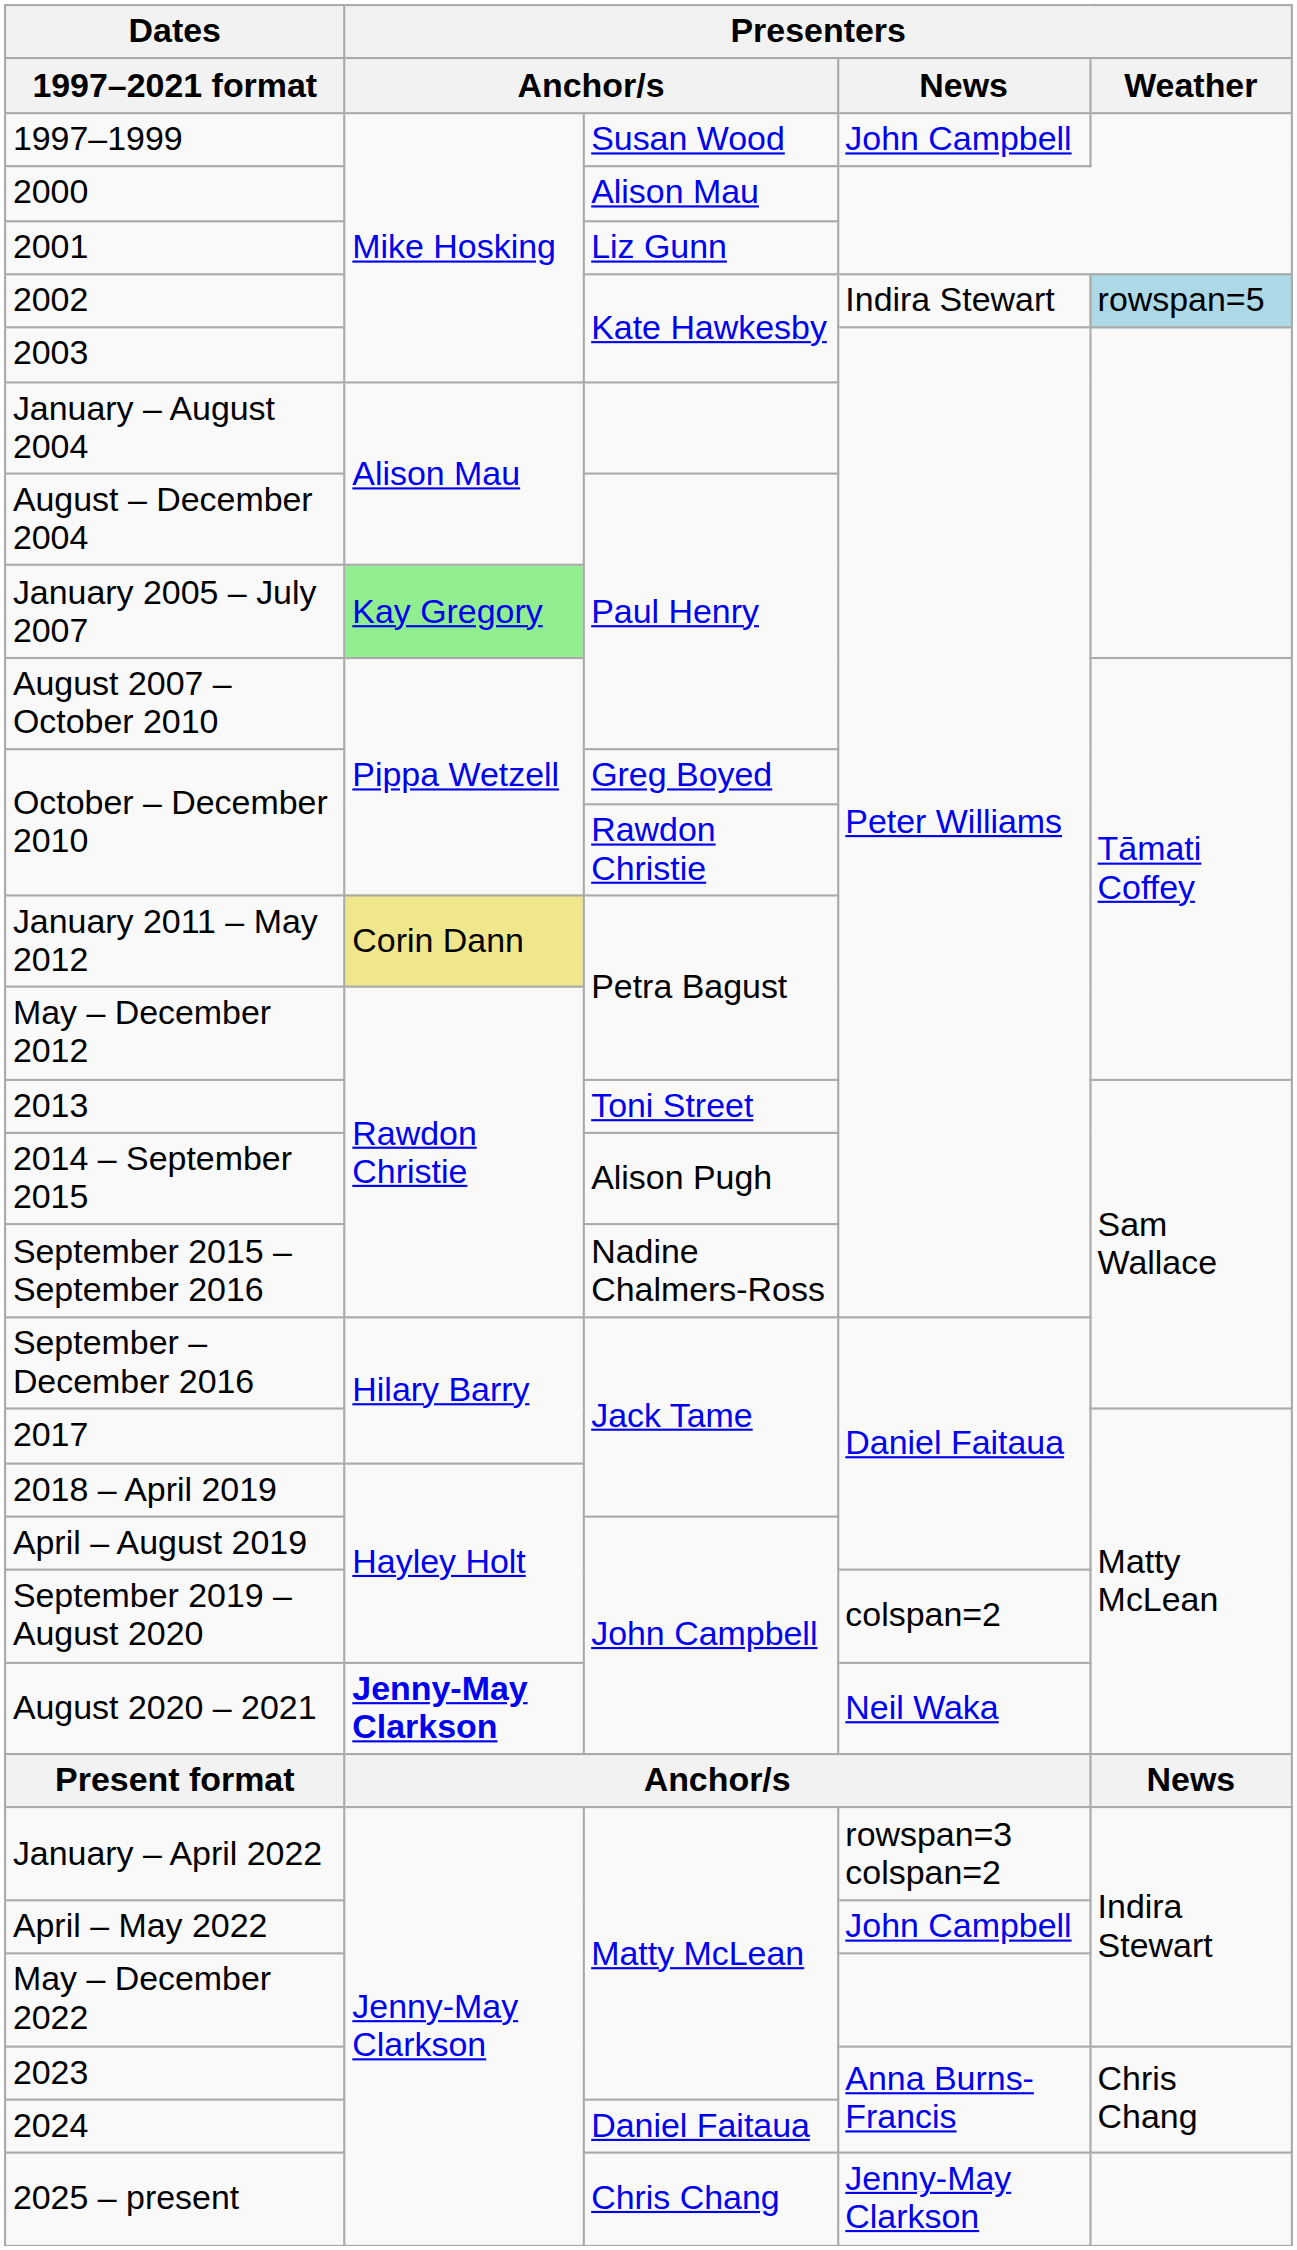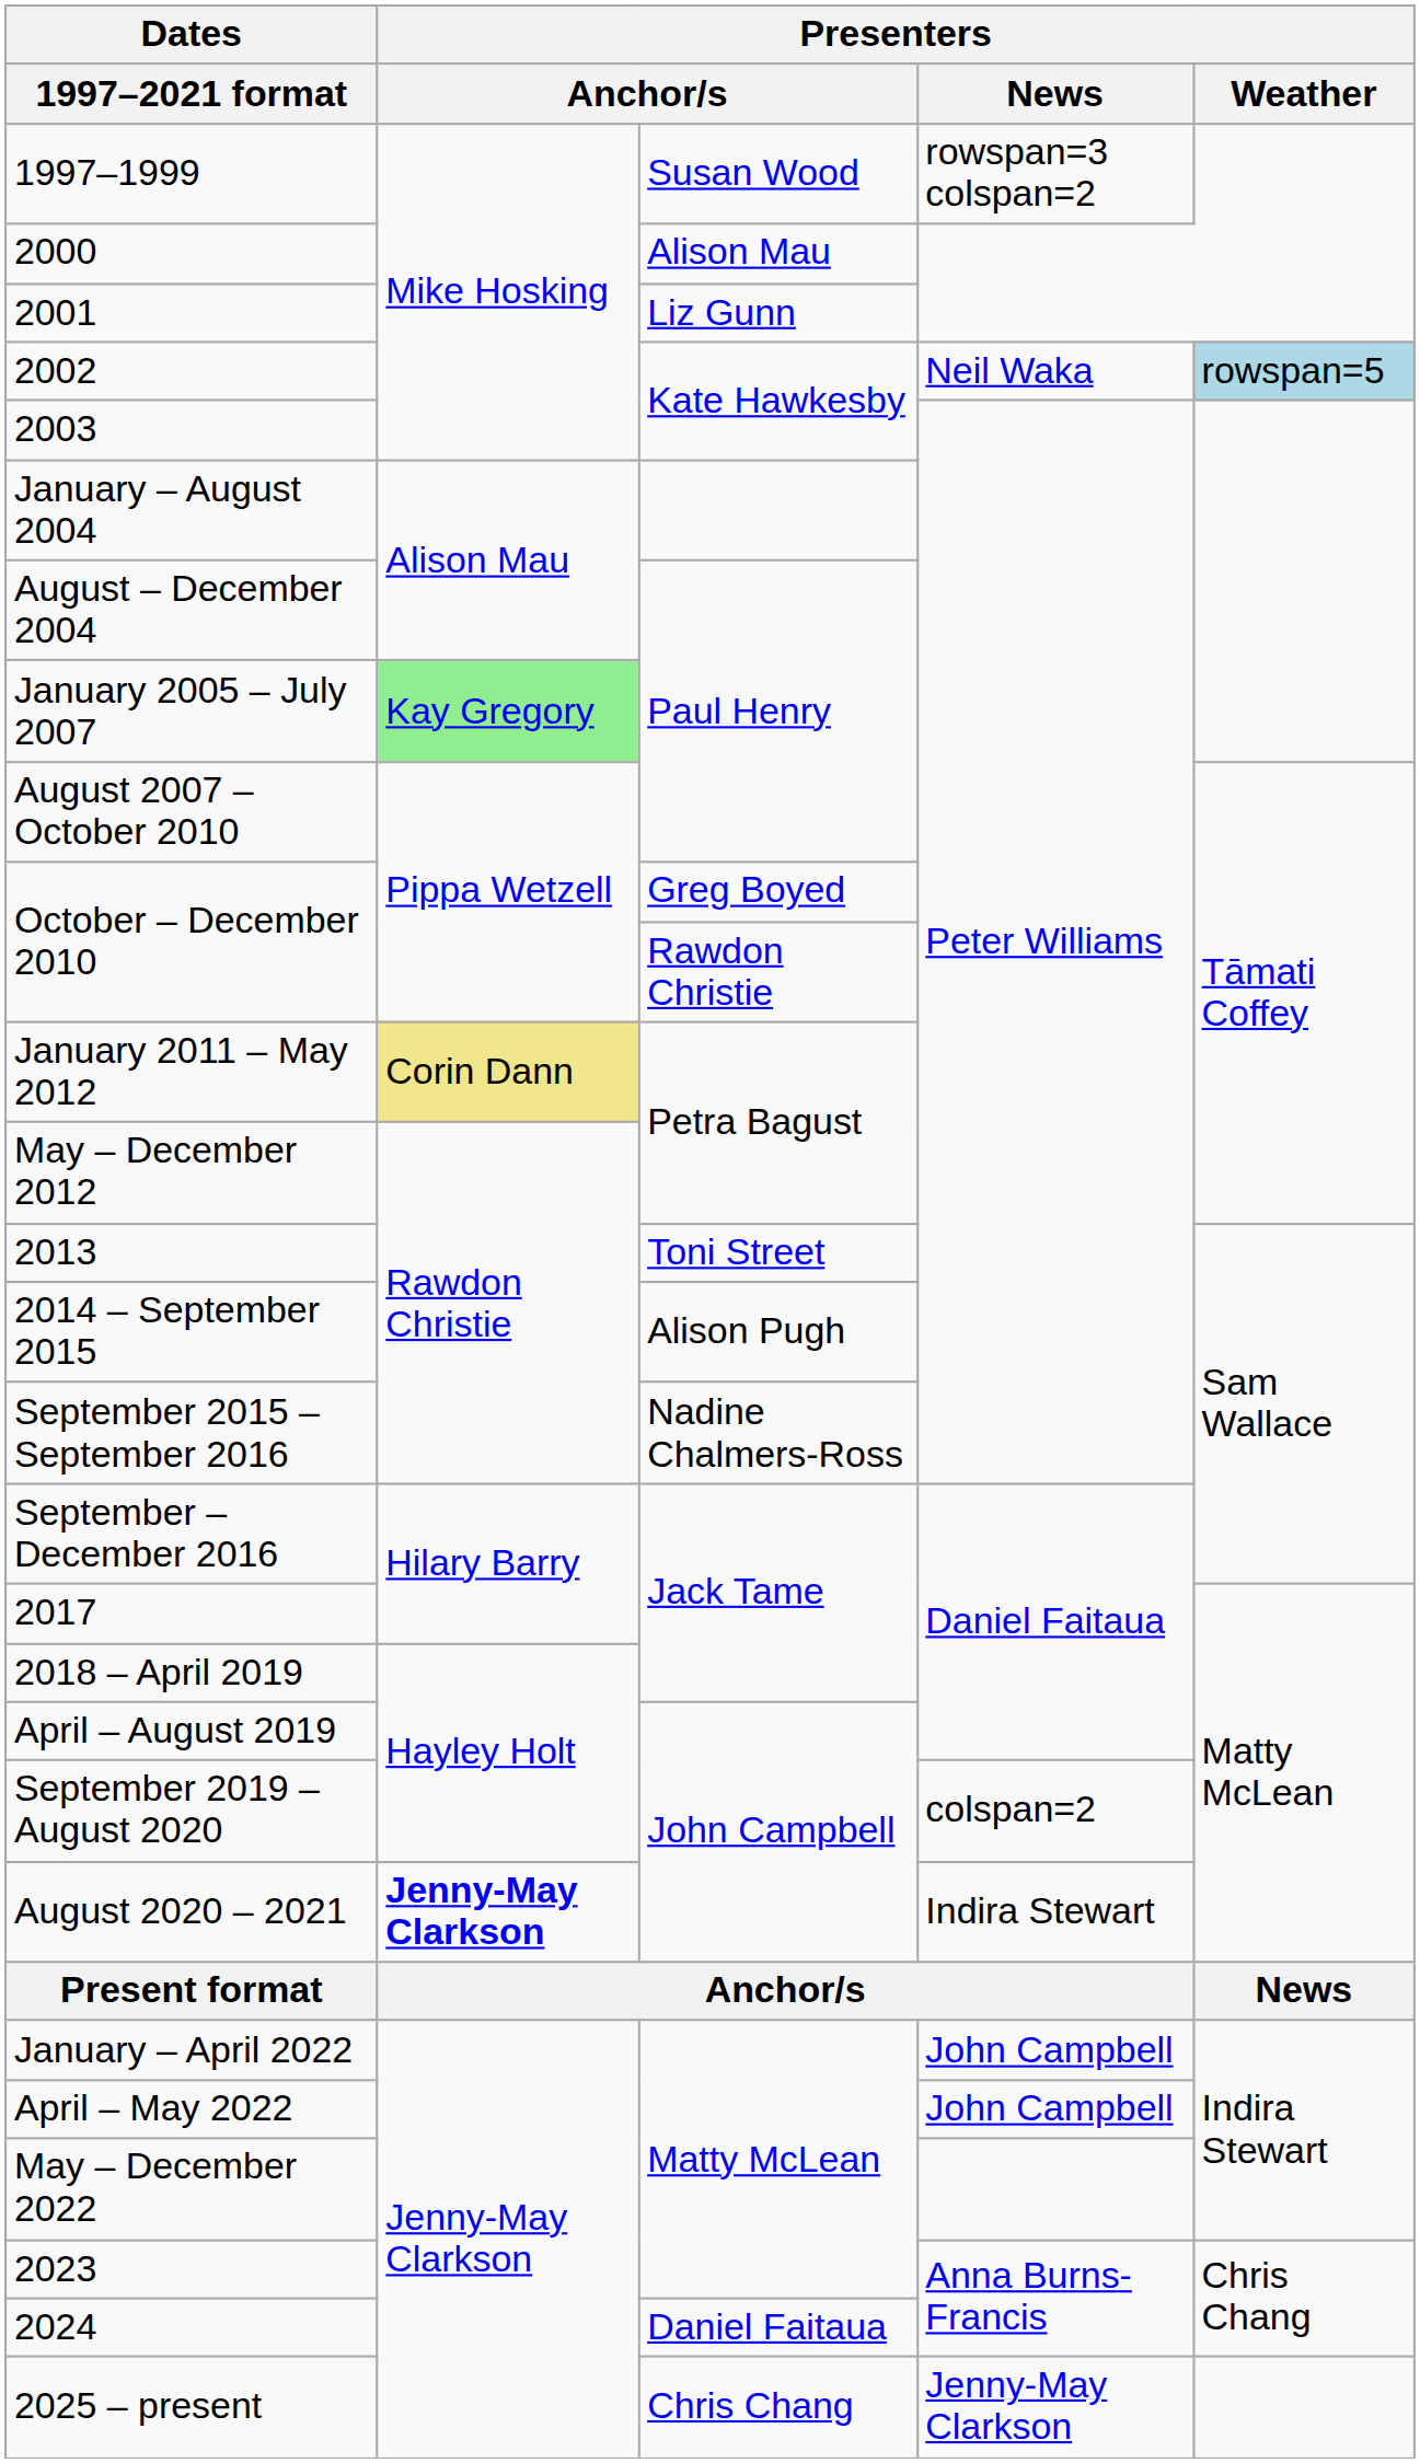 <table class="wikitable">
 <tr>
 <th>Dates</th>
 <th colspan="4">Presenters</th>
 </tr>
 <tr>
 <th>1997–2021 format</th>
 <th colspan="2">Anchor/s</th>
 <th>News</th>
 <th>Weather</th>
 </tr>
 <tr>
 <td>1997–1999</td>
 <td rowspan="5"><a href='#'>Mike Hosking</a></td>
 <td><a href='#'>Susan Wood</a></td>
-<td><a href='#'>John Campbell</a></td>
+<td>rowspan=3 colspan=2 </td>
 </tr>
 <tr>
 <td>2000</td>
 <td><a href='#'>Alison Mau</a></td>
 </tr>
 <tr>
 <td>2001</td>
 <td><a href='#'>Liz Gunn</a></td>
 </tr>
 <tr>
 <td>2002</td>
 <td rowspan="2"><a href='#'>Kate Hawkesby</a></td>
-<td>Indira Stewart</td>
+<td><a href='#'>Neil Waka</a></td>
 <td style="background: lightblue;">rowspan=5 </td>
 </tr>
 <tr>
 <td>2003</td>
 <td rowspan="12"><a href='#'>Peter Williams</a></td>
 </tr>
 <tr>
 <td>January – August 2004</td>
 <td rowspan="2"><a href='#'>Alison Mau</a></td>
 <td></td>
 </tr>
 <tr>
 <td>August – December 2004</td>
 <td rowspan="3"><a href='#'>Paul Henry</a></td>
 </tr>
 <tr>
 <td>January 2005 – July 2007</td>
 <td style="background: lightgreen;"><a href='#'>Kay Gregory</a></td>
 </tr>
 <tr>
 <td>August 2007 – October 2010</td>
 <td rowspan="3"><a href='#'>Pippa Wetzell</a></td>
 <td rowspan="5"><a href='#'>Tāmati Coffey</a></td>
 </tr>
 <tr>
 <td rowspan="2">October – December 2010</td>
 <td><a href='#'>Greg Boyed</a></td>
 </tr>
 <tr>
 <td><a href='#'>Rawdon Christie</a></td>
 </tr>
 <tr>
 <td>January 2011 – May 2012</td>
 <td style="background: khaki;">Corin Dann</td>
 <td rowspan="2">Petra Bagust</td>
 </tr>
 <tr>
 <td>May – December 2012</td>
 <td rowspan="4"><a href='#'>Rawdon Christie</a></td>
 </tr>
 <tr>
 <td>2013</td>
 <td><a href='#'>Toni Street</a></td>
 <td rowspan="4">Sam Wallace</td>
 </tr>
 <tr>
 <td>2014 – September 2015</td>
 <td>Alison Pugh</td>
 </tr>
 <tr>
 <td>September 2015 – September 2016</td>
 <td>Nadine Chalmers-Ross</td>
 </tr>
 <tr>
 <td>September – December 2016</td>
 <td rowspan="2"><a href='#'>Hilary Barry</a></td>
 <td rowspan="3"><a href='#'>Jack Tame</a></td>
 <td rowspan="4"><a href='#'>Daniel Faitaua</a></td>
 </tr>
 <tr>
 <td>2017</td>
 <td rowspan="5">Matty McLean</td>
 </tr>
 <tr>
 <td>2018 – April 2019</td>
 <td rowspan="3"><a href='#'>Hayley Holt</a></td>
 </tr>
 <tr>
 <td>April – August 2019</td>
 <td rowspan="3"><a href='#'>John Campbell</a></td>
 </tr>
 <tr>
 <td>September 2019 – August 2020</td>
 <td>colspan=2 </td>
 </tr>
 <tr>
 <td>August 2020 – 2021</td>
 <td><strong><a href='#'>Jenny-May Clarkson</a></strong></td>
-<td><a href='#'>Neil Waka</a></td>
+<td>Indira Stewart</td>
 </tr>
 <tr>
 <th>Present format</th>
 <th colspan="3">Anchor/s</th>
 <th>News</th>
 </tr>
 <tr>
 <td>January – April 2022</td>
 <td rowspan="6"><a href='#'>Jenny-May Clarkson</a></td>
 <td rowspan="4"><a href='#'>Matty McLean</a></td>
-<td>rowspan=3 colspan=2 </td>
+<td><a href='#'>John Campbell</a></td>
 <td rowspan="3">Indira Stewart</td>
 </tr>
 <tr>
 <td>April – May 2022</td>
 <td><a href='#'>John Campbell</a></td>
 </tr>
 <tr>
 <td>May – December 2022</td>
 <td></td>
 </tr>
 <tr>
 <td>2023</td>
 <td rowspan="2"><a href='#'>Anna Burns-Francis</a></td>
 <td rowspan="2">Chris Chang</td>
 </tr>
 <tr>
 <td>2024</td>
 <td><a href='#'>Daniel Faitaua</a></td>
 </tr>
 <tr>
 <td>2025 – present</td>
 <td><a href='#'>Chris Chang</a></td>
 <td><a href='#'>Jenny-May Clarkson</a></td>
 </tr>
 </table>
